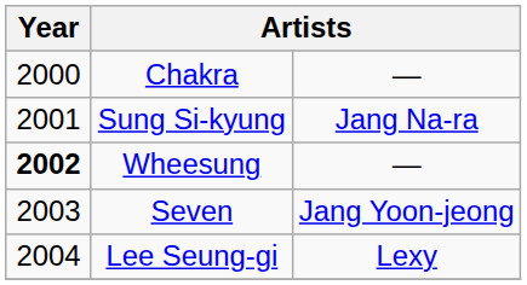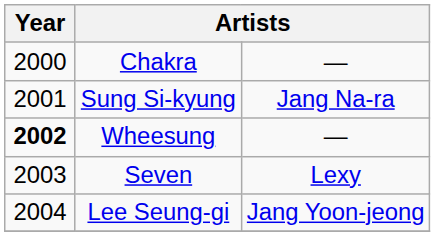 <table class="wikitable plainrowheaders" style="text-align:center;">
 <tr>
 <th style="width:2.5em">Year</th>
 <th colspan="2" !style="width:10em">Artists</th>
 </tr>
 <tr>
 <td>2000</td>
 <td><a href='#'>Chakra</a></td>
 <td>—</td>
 </tr>
 <tr>
 <td>2001</td>
 <td><a href='#'>Sung Si-kyung</a></td>
 <td><a href='#'>Jang Na-ra</a></td>
 </tr>
 <tr>
 <td><strong>2002</strong></td>
 <td><a href='#'>Wheesung</a></td>
 <td>—</td>
 </tr>
 <tr>
 <td>2003</td>
 <td><a href='#'>Seven</a></td>
-<td><a href='#'>Jang Yoon-jeong</a></td>
+<td><a href='#'>Lexy</a></td>
 </tr>
 <tr>
 <td>2004</td>
 <td><a href='#'>Lee Seung-gi</a></td>
-<td><a href='#'>Lexy</a></td>
+<td><a href='#'>Jang Yoon-jeong</a></td>
 </tr>
 <tr>
 </tr>
 </table>
